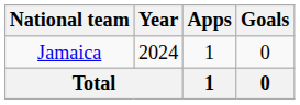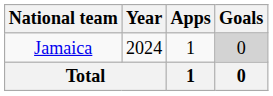 <table class="wikitable" style="text-align:center">
 <tr>
 <th>National team</th>
 <th>Year</th>
 <th>Apps</th>
 <th>Goals</th>
 </tr>
 <tr>
 <td><a href='#'>Jamaica</a></td>
 <td>2024</td>
 <td>1</td>
-<td>0</td>
+<td style="background: lightgrey;">0</td>
 </tr>
 <tr>
 <th colspan="2">Total</th>
 <th>1</th>
 <th>0</th>
 </tr>
 </table>
